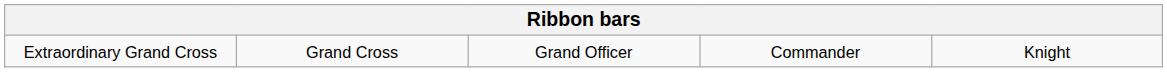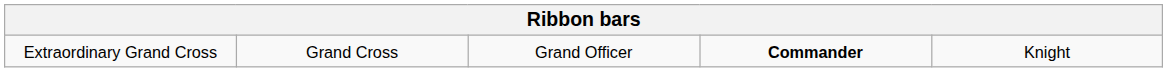 <table align=center class=wikitable width=60%>
 <tr>
 <th colspan=5>Ribbon bars</th>
 </tr>
 <tr>
 <td width=20% valign=top align=center><small>Extraordinary Grand Cross</small></td>
 <td width=20% valign=top align=center><small>Grand Cross</small></td>
 <td width=20% valign=top align=center><small>Grand Officer </small></td>
-<td width=20% valign=top align=center><small>Commander</small></td>
+<td width=20% valign=top align=center><strong><small>Commander</small></strong></td>
 <td width=20% valign=top align=center><small>Knight</small></td>
 </tr>
 </table>
